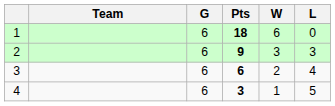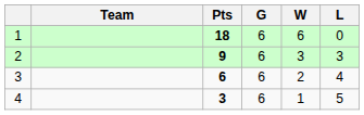 <table class=wikitable style="text-align:center">
 <tr bgcolor="#DCDCDC">
 <th width="25"></th>
 <th width="200">Team</th>
+<th width="40">Pts</th>
 <th width="40">G</th>
-<th width="40">Pts</th>
 <th width="40">W</th>
 <th width="40">L</th>
 </tr>
 <tr bgcolor=#CCFFCC>
 <td>1</td>
 <td align=left></td>
+<td><strong>18</strong></td>
 <td>6</td>
-<td><strong>18</strong></td>
 <td>6</td>
 <td>0</td>
 </tr>
 <tr bgcolor=#CCFFCC>
 <td>2</td>
 <td align=left></td>
+<td><strong>9</strong></td>
 <td>6</td>
-<td><strong>9</strong></td>
 <td>3</td>
 <td>3</td>
 </tr>
 <tr>
 <td>3</td>
 <td align=left></td>
+<td><strong>6</strong></td>
 <td>6</td>
-<td><strong>6</strong></td>
 <td>2</td>
 <td>4</td>
 </tr>
 <tr>
 <td>4</td>
 <td align=left></td>
+<td><strong>3</strong></td>
 <td>6</td>
-<td><strong>3</strong></td>
 <td>1</td>
 <td>5</td>
 </tr>
 </table>
